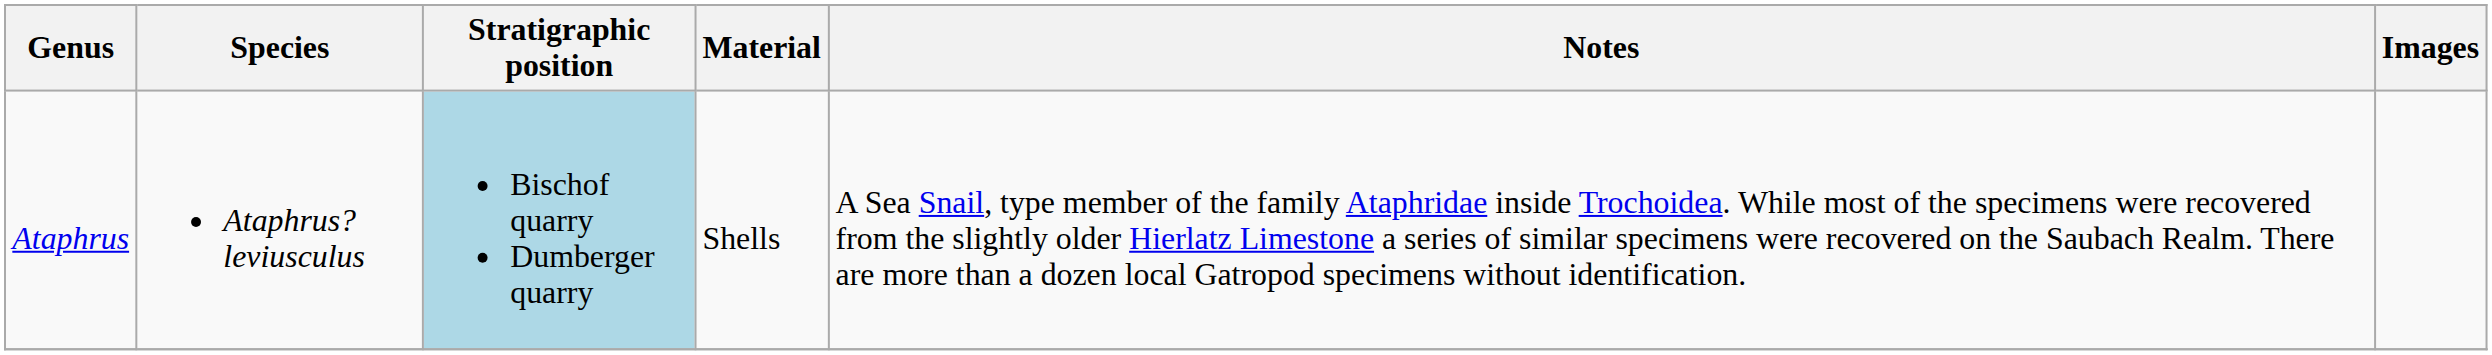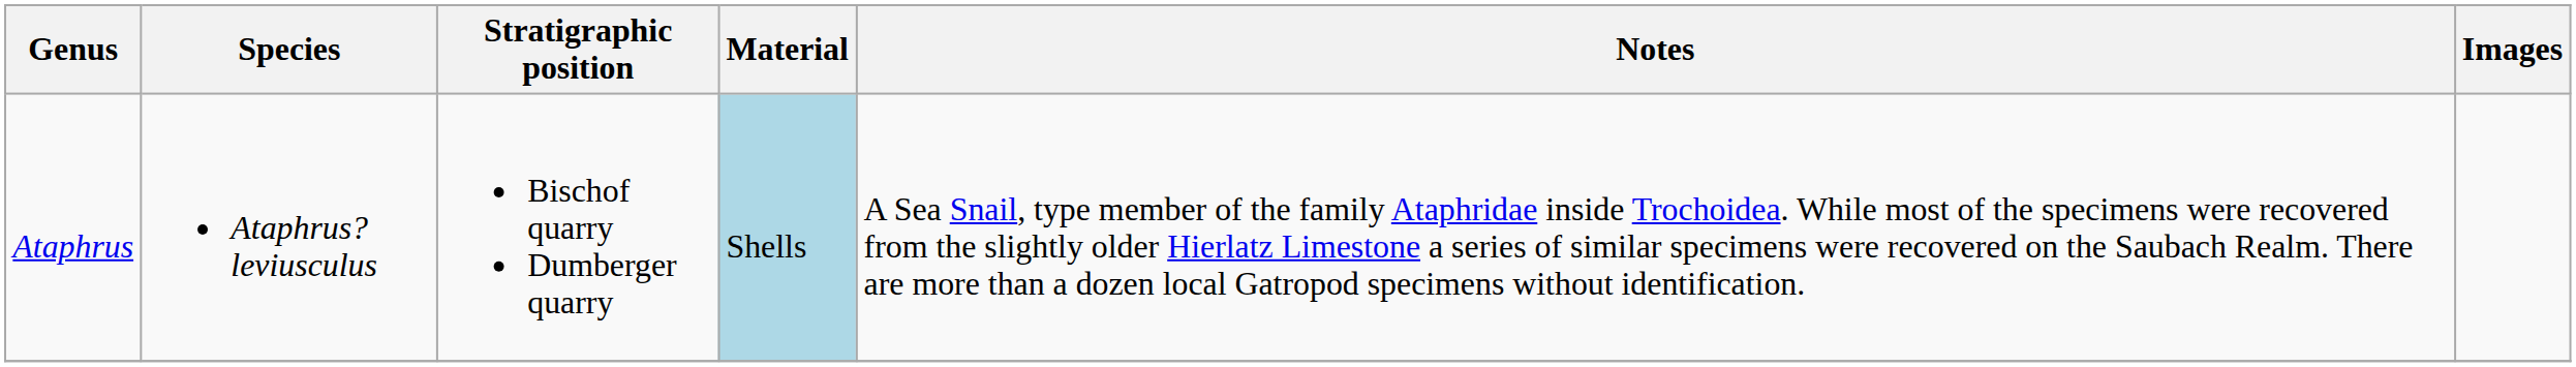 <table class = "wikitable">
 <tr>
 <th>Genus</th>
 <th>Species</th>
 <th>Stratigraphic position</th>
 <th>Material</th>
 <th>Notes</th>
 <th>Images</th>
 </tr>
 <tr>
 <td><br><em><a href='#'>Ataphrus</a></em></td>
 <td><br><ul><li><em>Ataphrus? leviusculus</em></li></ul></td>
-<td style="background: lightblue;"><br><ul><li>Bischof quarry</li><li>Dumberger quarry</li></ul></td>
-<td><br>Shells</td>
+<td><br><ul><li>Bischof quarry</li><li>Dumberger quarry</li></ul></td>
+<td style="background: lightblue;"><br>Shells</td>
 <td><br>A Sea <a href='#'>Snail</a>, type member of the family <a href='#'>Ataphridae</a> inside <a href='#'>Trochoidea</a>. While most of the specimens were recovered from the slightly older <a href='#'>Hierlatz Limestone</a> a series of similar specimens were recovered on the Saubach Realm. There are more than a dozen local Gatropod specimens without identification.</td>
 <td></td>
 </tr>
 <tr>
 </tr>
 </table>
